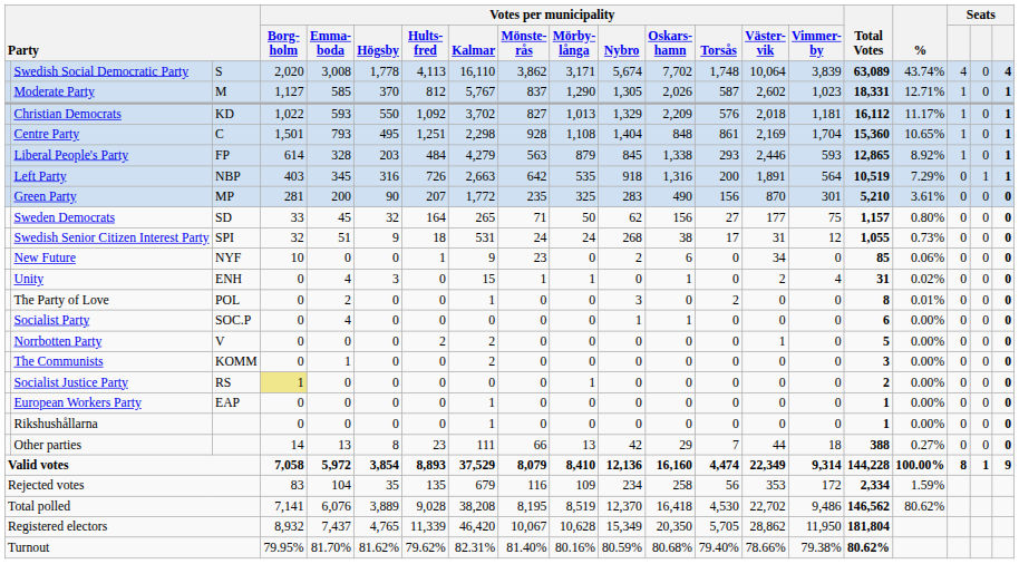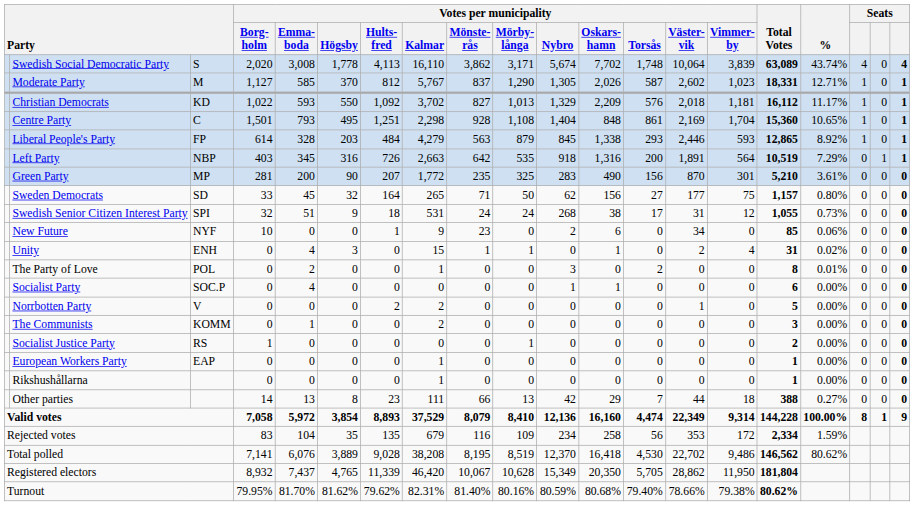 <table class="wikitable" border="1" style="text-align:right;">
 <tr>
 <th style="text-align:left;" valign=bottom rowspan=2 colspan=3>Party</th>
 <th colspan=12>Votes per municipality</th>
 <th align=center valign=bottom rowspan=2 width="50">Total Votes</th>
 <th align=center valign=bottom rowspan=2 width="50">%</th>
 <th colspan=3>Seats</th>
 </tr>
 <tr>
 <th align=center valign=bottom width="50"><a href='#'>Borg- holm</a></th>
 <th align=center valign=bottom width="50"><a href='#'>Emma- boda</a></th>
 <th align=center valign=bottom width="50"><a href='#'>Högsby</a></th>
 <th align=center valign=bottom width="50"><a href='#'>Hults- fred</a></th>
 <th align=center valign=bottom width="50"><a href='#'>Kalmar</a></th>
 <th align=center valign=bottom width="50"><a href='#'>Mönste- rås</a></th>
 <th align=center valign=bottom width="50"><a href='#'>Mörby- långa</a></th>
 <th align=center valign=bottom width="50"><a href='#'>Nybro</a></th>
 <th align=center valign=bottom width="50"><a href='#'>Oskars- hamn</a></th>
 <th align=center valign=bottom width="50"><a href='#'>Torsås</a></th>
 <th align=center valign=bottom width="50"><a href='#'>Väster- vik</a></th>
 <th align=center valign=bottom width="50"><a href='#'>Vimmer- by</a></th>
 <th align=center valign=bottom width="20"><small></small></th>
 <th align=center valign=bottom width="20"><small><a href='#'></a></small></th>
 <th align=center valign=bottom width="20"><small></small></th>
 </tr>
 <tr style="background:#CEE0F2;">
 <td></td>
 <td align=left style="white-space: nowrap;"><a href='#'>Swedish Social Democratic Party</a></td>
 <td align=left>S</td>
 <td>2,020</td>
 <td>3,008</td>
 <td>1,778</td>
 <td>4,113</td>
 <td>16,110</td>
 <td>3,862</td>
 <td>3,171</td>
 <td>5,674</td>
 <td>7,702</td>
 <td>1,748</td>
 <td>10,064</td>
 <td>3,839</td>
 <td><strong>63,089</strong></td>
 <td>43.74%</td>
 <td>4</td>
 <td>0</td>
 <td><strong>4</strong></td>
 </tr>
 <tr style="background:#CEE0F2;">
 <td></td>
 <td align=left><a href='#'>Moderate Party</a></td>
 <td align=left>M</td>
 <td>1,127</td>
 <td>585</td>
 <td>370</td>
 <td>812</td>
 <td>5,767</td>
 <td>837</td>
 <td>1,290</td>
 <td>1,305</td>
 <td>2,026</td>
 <td>587</td>
 <td>2,602</td>
 <td>1,023</td>
 <td><strong>18,331</strong></td>
 <td>12.71%</td>
 <td>1</td>
 <td>0</td>
 <td><strong>1</strong></td>
 </tr>
 <tr style="background:#CEE0F2; border-top:3px solid darkgray;">
 <td></td>
 <td align=left><a href='#'>Christian Democrats</a></td>
 <td align=left>KD</td>
 <td>1,022</td>
 <td>593</td>
 <td>550</td>
 <td>1,092</td>
 <td>3,702</td>
 <td>827</td>
 <td>1,013</td>
 <td>1,329</td>
 <td>2,209</td>
 <td>576</td>
 <td>2,018</td>
 <td>1,181</td>
 <td><strong>16,112</strong></td>
 <td>11.17%</td>
 <td>1</td>
 <td>0</td>
 <td><strong>1</strong></td>
 </tr>
 <tr style="background:#CEE0F2;">
 <td></td>
 <td align=left><a href='#'>Centre Party</a></td>
 <td align=left>C</td>
 <td>1,501</td>
 <td>793</td>
 <td>495</td>
 <td>1,251</td>
 <td>2,298</td>
 <td>928</td>
 <td>1,108</td>
 <td>1,404</td>
 <td>848</td>
 <td>861</td>
 <td>2,169</td>
 <td>1,704</td>
 <td><strong>15,360</strong></td>
 <td>10.65%</td>
 <td>1</td>
 <td>0</td>
 <td><strong>1</strong></td>
 </tr>
 <tr style="background:#CEE0F2;">
 <td></td>
 <td align=left><a href='#'>Liberal People's Party</a></td>
 <td align=left>FP</td>
 <td>614</td>
 <td>328</td>
 <td>203</td>
 <td>484</td>
 <td>4,279</td>
 <td>563</td>
 <td>879</td>
 <td>845</td>
 <td>1,338</td>
 <td>293</td>
 <td>2,446</td>
 <td>593</td>
 <td><strong>12,865</strong></td>
 <td>8.92%</td>
 <td>1</td>
 <td>0</td>
 <td><strong>1</strong></td>
 </tr>
 <tr style="background:#CEE0F2;">
 <td></td>
 <td align=left><a href='#'>Left Party</a></td>
 <td align=left>NBP</td>
 <td>403</td>
 <td>345</td>
 <td>316</td>
 <td>726</td>
 <td>2,663</td>
 <td>642</td>
 <td>535</td>
 <td>918</td>
 <td>1,316</td>
 <td>200</td>
 <td>1,891</td>
 <td>564</td>
 <td><strong>10,519</strong></td>
 <td>7.29%</td>
 <td>0</td>
 <td>1</td>
 <td><strong>1</strong></td>
 </tr>
 <tr style="background:#CEE0F2;">
 <td></td>
 <td align=left><a href='#'>Green Party</a></td>
 <td align=left>MP</td>
 <td>281</td>
 <td>200</td>
 <td>90</td>
 <td>207</td>
 <td>1,772</td>
 <td>235</td>
 <td>325</td>
 <td>283</td>
 <td>490</td>
 <td>156</td>
 <td>870</td>
 <td>301</td>
 <td><strong>5,210</strong></td>
 <td>3.61%</td>
 <td>0</td>
 <td>0</td>
 <td><strong>0</strong></td>
 </tr>
 <tr>
 <td></td>
 <td align=left><a href='#'>Sweden Democrats</a></td>
 <td align=left>SD</td>
 <td>33</td>
 <td>45</td>
 <td>32</td>
 <td>164</td>
 <td>265</td>
 <td>71</td>
 <td>50</td>
 <td>62</td>
 <td>156</td>
 <td>27</td>
 <td>177</td>
 <td>75</td>
 <td><strong>1,157</strong></td>
 <td>0.80%</td>
 <td>0</td>
 <td>0</td>
 <td><strong>0</strong></td>
 </tr>
 <tr>
 <td></td>
 <td align=left><a href='#'>Swedish Senior Citizen Interest Party</a></td>
 <td align=left>SPI</td>
 <td>32</td>
 <td>51</td>
 <td>9</td>
 <td>18</td>
 <td>531</td>
 <td>24</td>
 <td>24</td>
 <td>268</td>
 <td>38</td>
 <td>17</td>
 <td>31</td>
 <td>12</td>
 <td><strong>1,055</strong></td>
 <td>0.73%</td>
 <td>0</td>
 <td>0</td>
 <td><strong>0</strong></td>
 </tr>
 <tr>
 <td></td>
 <td align=left><a href='#'>New Future</a></td>
 <td align=left>NYF</td>
 <td>10</td>
 <td>0</td>
 <td>0</td>
 <td>1</td>
 <td>9</td>
 <td>23</td>
 <td>0</td>
 <td>2</td>
 <td>6</td>
 <td>0</td>
 <td>34</td>
 <td>0</td>
 <td><strong>85</strong></td>
 <td>0.06%</td>
 <td>0</td>
 <td>0</td>
 <td><strong>0</strong></td>
 </tr>
 <tr>
 <td></td>
 <td align=left><a href='#'>Unity</a></td>
 <td align=left>ENH</td>
 <td>0</td>
 <td>4</td>
 <td>3</td>
 <td>0</td>
 <td>15</td>
 <td>1</td>
 <td>1</td>
 <td>0</td>
 <td>1</td>
 <td>0</td>
 <td>2</td>
 <td>4</td>
 <td><strong>31</strong></td>
 <td>0.02%</td>
 <td>0</td>
 <td>0</td>
 <td><strong>0</strong></td>
 </tr>
 <tr>
 <td></td>
 <td align=left>The Party of Love</td>
 <td align=left>POL</td>
 <td>0</td>
 <td>2</td>
 <td>0</td>
 <td>0</td>
 <td>1</td>
 <td>0</td>
 <td>0</td>
 <td>3</td>
 <td>0</td>
 <td>2</td>
 <td>0</td>
 <td>0</td>
 <td><strong>8</strong></td>
 <td>0.01%</td>
 <td>0</td>
 <td>0</td>
 <td><strong>0</strong></td>
 </tr>
 <tr>
 <td></td>
 <td align=left><a href='#'>Socialist Party</a></td>
 <td align=left>SOC.P</td>
 <td>0</td>
 <td>4</td>
 <td>0</td>
 <td>0</td>
 <td>0</td>
 <td>0</td>
 <td>0</td>
 <td>1</td>
 <td>1</td>
 <td>0</td>
 <td>0</td>
 <td>0</td>
 <td><strong>6</strong></td>
 <td>0.00%</td>
 <td>0</td>
 <td>0</td>
 <td><strong>0</strong></td>
 </tr>
 <tr>
 <td></td>
 <td align=left><a href='#'>Norrbotten Party</a></td>
 <td align=left>V</td>
 <td>0</td>
 <td>0</td>
 <td>0</td>
 <td>2</td>
 <td>2</td>
 <td>0</td>
 <td>0</td>
 <td>0</td>
 <td>0</td>
 <td>0</td>
 <td>1</td>
 <td>0</td>
 <td><strong>5</strong></td>
 <td>0.00%</td>
 <td>0</td>
 <td>0</td>
 <td><strong>0</strong></td>
 </tr>
 <tr>
 <td></td>
 <td align=left><a href='#'>The Communists</a></td>
 <td align=left>KOMM</td>
 <td>0</td>
 <td>1</td>
 <td>0</td>
 <td>0</td>
 <td>2</td>
 <td>0</td>
 <td>0</td>
 <td>0</td>
 <td>0</td>
 <td>0</td>
 <td>0</td>
 <td>0</td>
 <td><strong>3</strong></td>
 <td>0.00%</td>
 <td>0</td>
 <td>0</td>
 <td><strong>0</strong></td>
 </tr>
 <tr>
 <td></td>
 <td align=left><a href='#'>Socialist Justice Party</a></td>
 <td align=left>RS</td>
-<td style="background: khaki;">1</td>
+<td>1</td>
 <td>0</td>
 <td>0</td>
 <td>0</td>
 <td>0</td>
 <td>0</td>
 <td>1</td>
 <td>0</td>
 <td>0</td>
 <td>0</td>
 <td>0</td>
 <td>0</td>
 <td><strong>2</strong></td>
 <td>0.00%</td>
 <td>0</td>
 <td>0</td>
 <td><strong>0</strong></td>
 </tr>
 <tr>
 <td></td>
 <td align=left><a href='#'>European Workers Party</a></td>
 <td align=left>EAP</td>
 <td>0</td>
 <td>0</td>
 <td>0</td>
 <td>0</td>
 <td>1</td>
 <td>0</td>
 <td>0</td>
 <td>0</td>
 <td>0</td>
 <td>0</td>
 <td>0</td>
 <td>0</td>
 <td><strong>1</strong></td>
 <td>0.00%</td>
 <td>0</td>
 <td>0</td>
 <td><strong>0</strong></td>
 </tr>
 <tr>
 <td></td>
 <td align=left>Rikshushållarna</td>
 <td></td>
 <td>0</td>
 <td>0</td>
 <td>0</td>
 <td>0</td>
 <td>1</td>
 <td>0</td>
 <td>0</td>
 <td>0</td>
 <td>0</td>
 <td>0</td>
 <td>0</td>
 <td>0</td>
 <td><strong>1</strong></td>
 <td>0.00%</td>
 <td>0</td>
 <td>0</td>
 <td><strong>0</strong></td>
 </tr>
 <tr>
 <td></td>
 <td align=left>Other parties</td>
 <td></td>
 <td>14</td>
 <td>13</td>
 <td>8</td>
 <td>23</td>
 <td>111</td>
 <td>66</td>
 <td>13</td>
 <td>42</td>
 <td>29</td>
 <td>7</td>
 <td>44</td>
 <td>18</td>
 <td><strong>388</strong></td>
 <td>0.27%</td>
 <td>0</td>
 <td>0</td>
 <td><strong>0</strong></td>
 </tr>
 <tr style="font-weight:bold">
 <td align=left colspan=3>Valid votes</td>
 <td>7,058</td>
 <td>5,972</td>
 <td>3,854</td>
 <td>8,893</td>
 <td>37,529</td>
 <td>8,079</td>
 <td>8,410</td>
 <td>12,136</td>
 <td>16,160</td>
 <td>4,474</td>
 <td>22,349</td>
 <td>9,314</td>
 <td>144,228</td>
 <td>100.00%</td>
 <td>8</td>
 <td>1</td>
 <td>9</td>
 </tr>
 <tr>
 <td align=left colspan=3>Rejected votes</td>
 <td>83</td>
 <td>104</td>
 <td>35</td>
 <td>135</td>
 <td>679</td>
 <td>116</td>
 <td>109</td>
 <td>234</td>
 <td>258</td>
 <td>56</td>
 <td>353</td>
 <td>172</td>
 <td><strong>2,334</strong></td>
 <td>1.59%</td>
 <td></td>
 <td></td>
 <td></td>
 </tr>
 <tr>
 <td align=left colspan=3>Total polled</td>
 <td>7,141</td>
 <td>6,076</td>
 <td>3,889</td>
 <td>9,028</td>
 <td>38,208</td>
 <td>8,195</td>
 <td>8,519</td>
 <td>12,370</td>
 <td>16,418</td>
 <td>4,530</td>
 <td>22,702</td>
 <td>9,486</td>
 <td><strong>146,562</strong></td>
 <td>80.62%</td>
 <td></td>
 <td></td>
 <td></td>
 </tr>
 <tr>
 <td align=left colspan=3>Registered electors</td>
 <td>8,932</td>
 <td>7,437</td>
 <td>4,765</td>
 <td>11,339</td>
 <td>46,420</td>
 <td>10,067</td>
 <td>10,628</td>
 <td>15,349</td>
 <td>20,350</td>
 <td>5,705</td>
 <td>28,862</td>
 <td>11,950</td>
 <td><strong>181,804</strong></td>
 <td></td>
 <td></td>
 <td></td>
 <td></td>
 </tr>
 <tr>
 <td align=left colspan=3>Turnout</td>
 <td>79.95%</td>
 <td>81.70%</td>
 <td>81.62%</td>
 <td>79.62%</td>
 <td>82.31%</td>
 <td>81.40%</td>
 <td>80.16%</td>
 <td>80.59%</td>
 <td>80.68%</td>
 <td>79.40%</td>
 <td>78.66%</td>
 <td>79.38%</td>
 <td><strong>80.62%</strong></td>
 <td></td>
 <td></td>
 <td></td>
 <td></td>
 </tr>
 </table>
